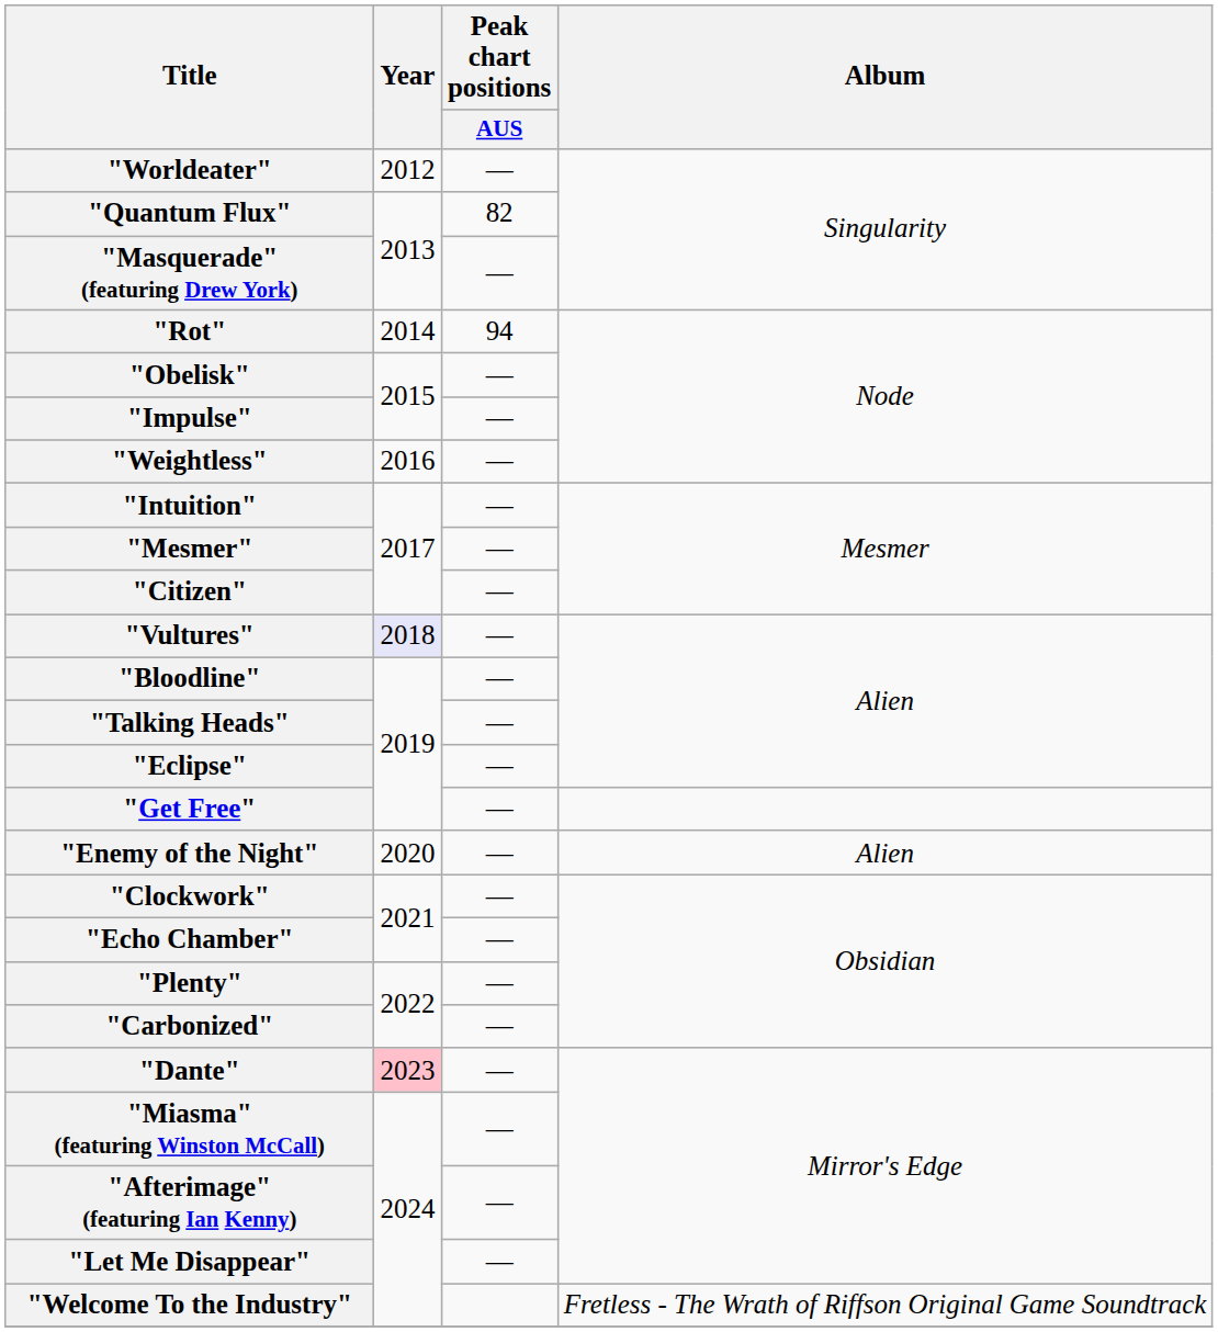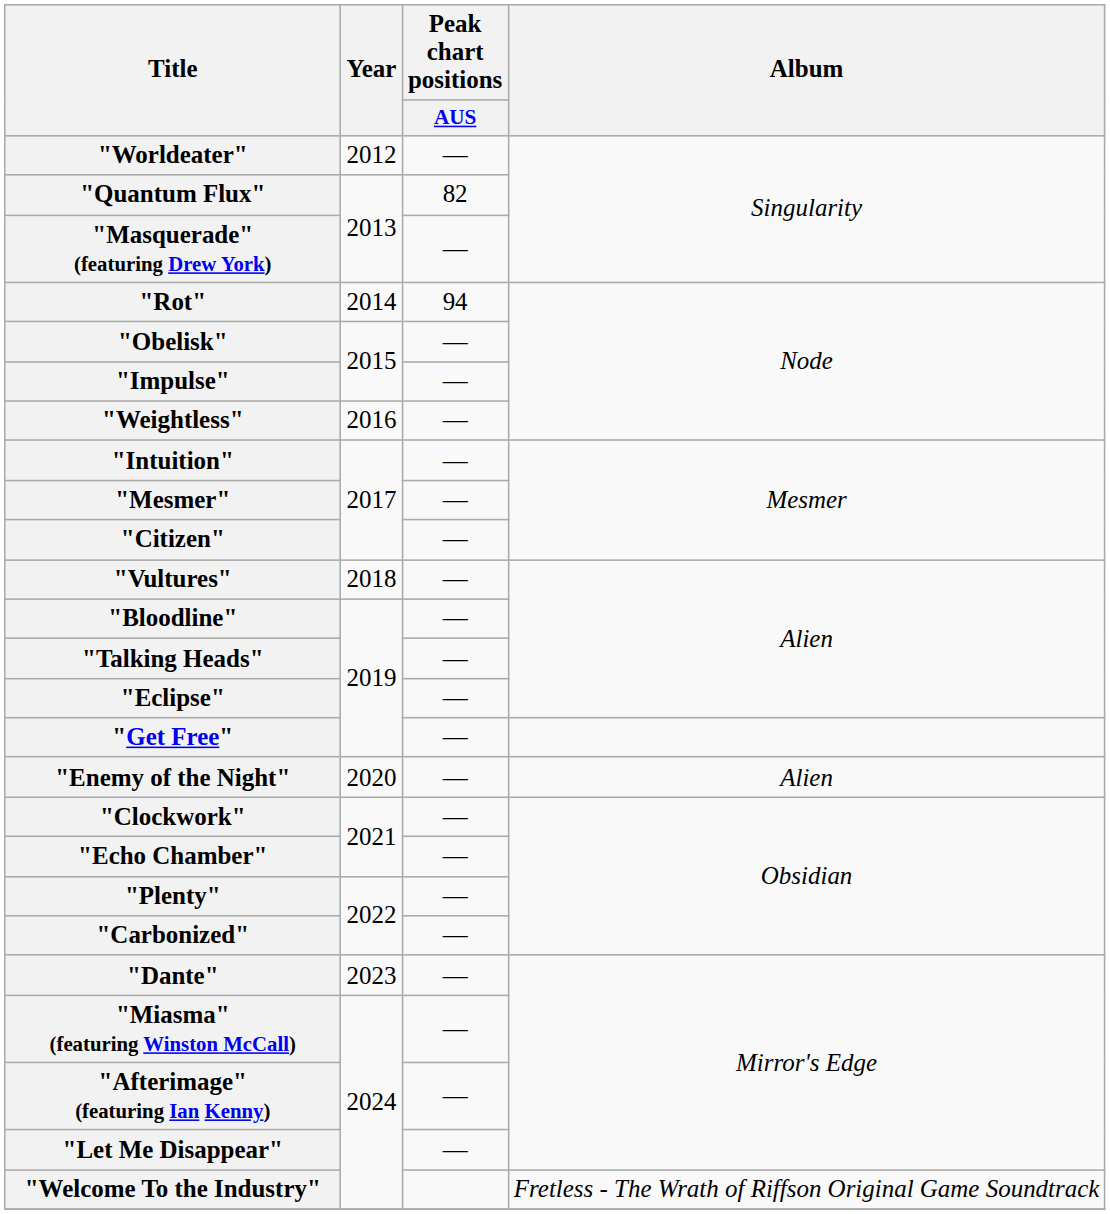 <table class="wikitable plainrowheaders" style="text-align:center;" border="1">
 <tr>
 <th scope="col" rowspan="2" style="width:13em;">Title</th>
 <th scope="col" rowspan="2" style="width:1em;">Year</th>
 <th scope="col" colspan="1">Peak chart positions</th>
 <th scope="col" rowspan="2">Album</th>
 </tr>
 <tr>
 <th scope="col" style="width:3em;font-size:85%;"><a href='#'>AUS</a><br></th>
 </tr>
 <tr>
 <th scope="row">"Worldeater"</th>
 <td>2012</td>
 <td>—</td>
 <td rowspan="3"><em>Singularity</em></td>
 </tr>
 <tr>
 <th scope="row">"Quantum Flux"</th>
 <td rowspan="2">2013</td>
 <td>82</td>
 </tr>
 <tr>
 <th scope="row">"Masquerade"<br><small>(featuring <a href='#'>Drew York</a>)</small></th>
 <td>—</td>
 </tr>
 <tr>
 <th scope="row">"Rot"</th>
 <td>2014</td>
 <td>94</td>
 <td rowspan="4"><em>Node</em></td>
 </tr>
 <tr>
 <th scope="row">"Obelisk"</th>
 <td rowspan="2">2015</td>
 <td>—</td>
 </tr>
 <tr>
 <th scope="row">"Impulse"</th>
 <td>—</td>
 </tr>
 <tr>
 <th scope="row">"Weightless"</th>
 <td>2016</td>
 <td>—</td>
 </tr>
 <tr>
 <th scope="row">"Intuition"</th>
 <td rowspan="3">2017</td>
 <td>—</td>
 <td rowspan="3"><em>Mesmer</em></td>
 </tr>
 <tr>
 <th scope="row">"Mesmer"</th>
 <td>—</td>
 </tr>
 <tr>
 <th scope="row">"Citizen"</th>
 <td>—</td>
 </tr>
 <tr>
 <th scope="row">"Vultures"</th>
-<td style="background: lavender;">2018</td>
+<td>2018</td>
 <td>—</td>
 <td rowspan="4"><em>Alien</em></td>
 </tr>
 <tr>
 <th scope="row">"Bloodline"</th>
 <td rowspan="4">2019</td>
 <td>—</td>
 </tr>
 <tr>
 <th scope="row">"Talking Heads"</th>
 <td>—</td>
 </tr>
 <tr>
 <th scope="row">"Eclipse"</th>
 <td>—</td>
 </tr>
 <tr>
 <th scope="row">"<a href='#'>Get Free</a>" </th>
 <td>—</td>
 <td></td>
 </tr>
 <tr>
 <th scope="row">"Enemy of the Night"</th>
 <td>2020</td>
 <td>—</td>
 <td><em>Alien</em></td>
 </tr>
 <tr>
 <th scope="row">"Clockwork"</th>
 <td rowspan="2">2021</td>
 <td>—</td>
 <td rowspan="4"><em>Obsidian</em></td>
 </tr>
 <tr>
 <th scope="row">"Echo Chamber"</th>
 <td>—</td>
 </tr>
 <tr>
 <th scope="row">"Plenty"</th>
 <td rowspan="2">2022</td>
 <td>—</td>
 </tr>
 <tr>
 <th scope="row">"Carbonized"</th>
 <td>—</td>
 </tr>
 <tr>
 <th scope="row">"Dante"</th>
-<td style="background: pink;">2023</td>
+<td>2023</td>
 <td>—</td>
 <td rowspan="4"><em>Mirror's Edge</em></td>
 </tr>
 <tr>
 <th scope="row">"Miasma"<br><small>(featuring <a href='#'>Winston McCall</a>)</small></th>
 <td rowspan="4">2024</td>
 <td>—</td>
 </tr>
 <tr>
 <th scope="row">"Afterimage"<br><small>(featuring <a href='#'>Ian</a> <a href='#'>Kenny</a>)</small></th>
 <td>—</td>
 </tr>
 <tr>
 <th scope="row">"Let Me Disappear"</th>
 <td>—</td>
 </tr>
 <tr>
 <th scope="row">"Welcome To the Industry"</th>
 <td></td>
 <td><em>Fretless - The Wrath of Riffson Original Game Soundtrack</em></td>
 </tr>
 <tr>
 </tr>
 </table>
